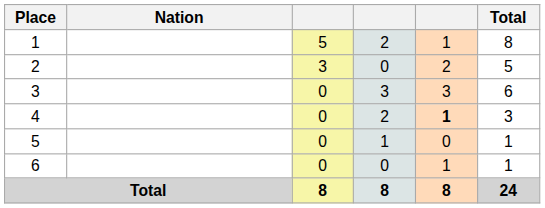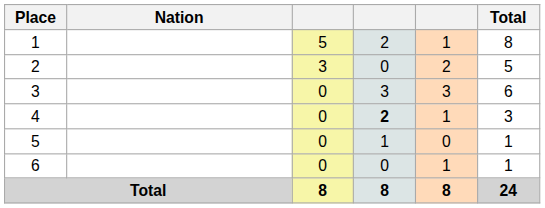 <table class=wikitable style="border:1px solid #AAAAAA;font-size:90%">
 <tr bgcolor="#EFEFEF">
 <th width=50>Place</th>
 <th width=200>Nation</th>
 <th width=50></th>
 <th width=50></th>
 <th width=50></th>
 <th width=50>Total</th>
 </tr>
 <tr align="center" valign="top" bgcolor="#FFFFFF">
 <td>1</td>
 <td align="left"></td>
 <td style="background:#F7F6A8;">5</td>
 <td style="background:#DCE5E5;">2</td>
 <td style="background:#FFDAB9;">1</td>
 <td>8</td>
 </tr>
 <tr align="center" valign="top" bgcolor="#FFFFFF">
 <td>2</td>
 <td align="left"></td>
 <td style="background:#F7F6A8;">3</td>
 <td style="background:#DCE5E5;">0</td>
 <td style="background:#FFDAB9;">2</td>
 <td>5</td>
 </tr>
 <tr align="center" valign="top" bgcolor="#FFFFFF">
 <td>3</td>
 <td align="left"></td>
 <td style="background:#F7F6A8;">0</td>
 <td style="background:#DCE5E5;">3</td>
 <td style="background:#FFDAB9;">3</td>
 <td>6</td>
 </tr>
 <tr align="center" valign="top" bgcolor="#FFFFFF">
 <td>4</td>
 <td align="left"></td>
 <td style="background:#F7F6A8;">0</td>
-<td style="background:#DCE5E5;">2</td>
-<td style="background:#FFDAB9;"><strong>1</strong></td>
+<td style="background:#DCE5E5;"><strong>2</strong></td>
+<td style="background:#FFDAB9;">1</td>
 <td>3</td>
 </tr>
 <tr align="center" valign="top" bgcolor="#FFFFFF">
 <td>5</td>
 <td align="left"></td>
 <td style="background:#F7F6A8;">0</td>
 <td style="background:#DCE5E5;">1</td>
 <td style="background:#FFDAB9;">0</td>
 <td>1</td>
 </tr>
 <tr align="center" valign="top" bgcolor="#FFFFFF">
 <td>6</td>
 <td align="left"></td>
 <td style="background:#F7F6A8;">0</td>
 <td style="background:#DCE5E5;">0</td>
 <td style="background:#FFDAB9;">1</td>
 <td>1</td>
 </tr>
 <tr align="center">
 <td colspan="2" bgcolor=D3D3D3><strong>Total</strong></td>
 <td style="background:#F7F6A8;"><strong>8</strong></td>
 <td style="background:#DCE5E5;"><strong>8</strong></td>
 <td style="background:#FFDAB9;"><strong>8</strong></td>
 <td bgcolor=D3D3D3><strong>24</strong></td>
 </tr>
 </table>
